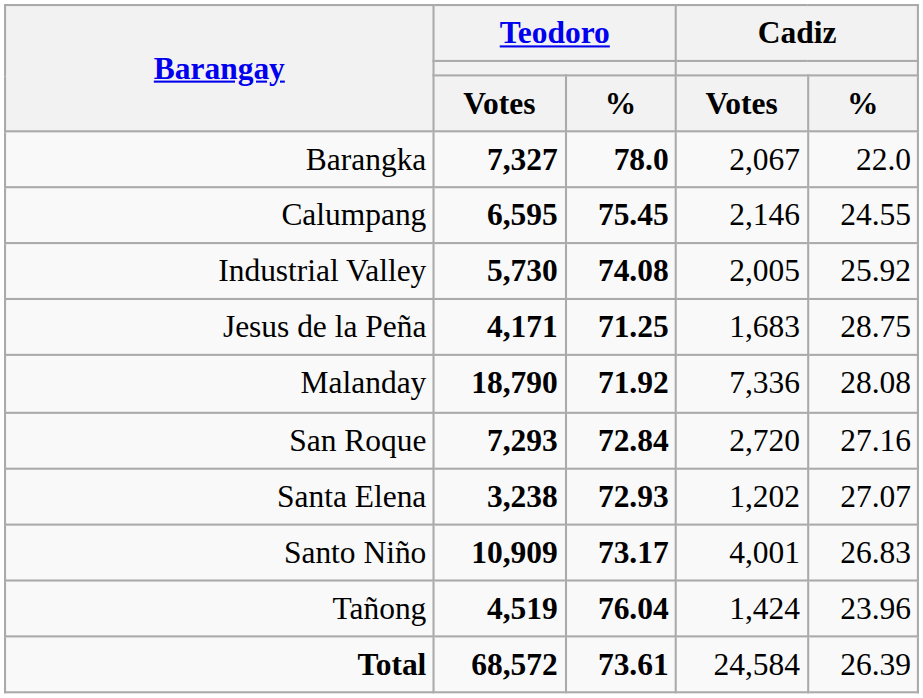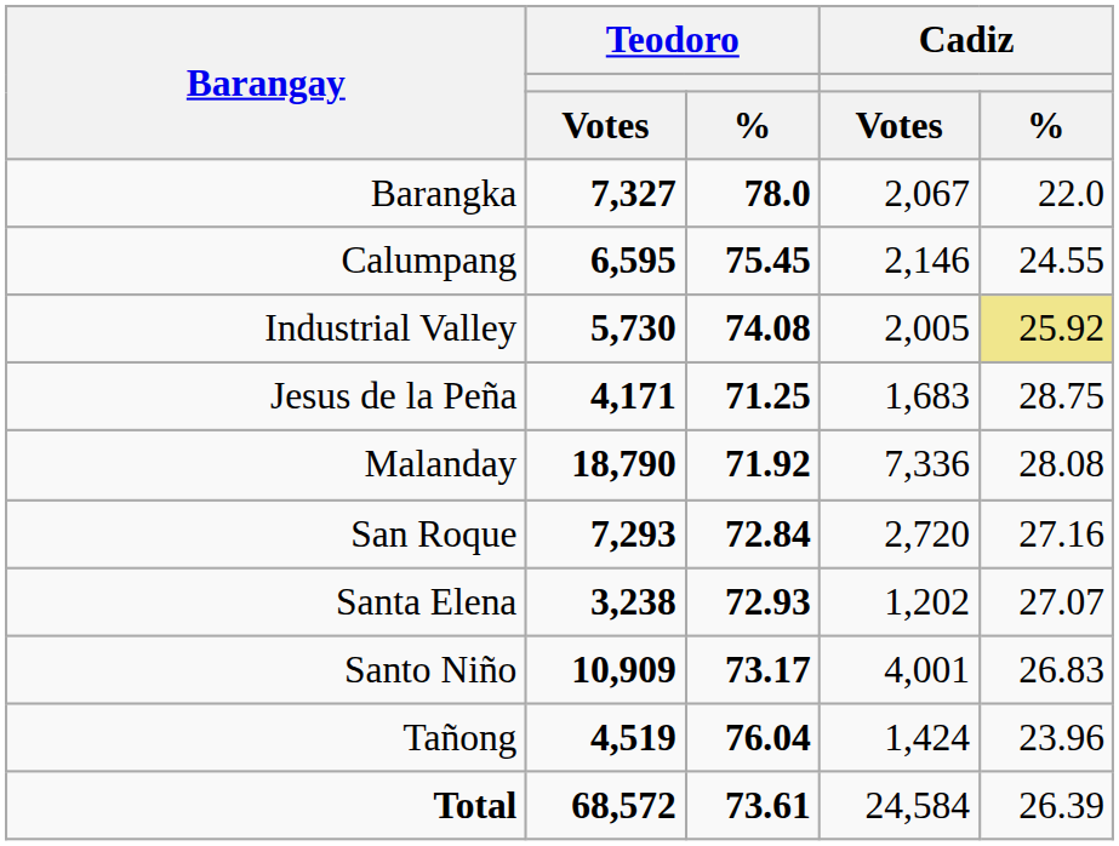 <table class="wikitable collapsible collapsed" style="text-align:right; font-size:95%; line-height:20px;">
 <tr>
 <th rowspan="3" width="200"><a href='#'>Barangay</a></th>
 <th colspan="2" width="110"><a href='#'>Teodoro</a></th>
 <th colspan="2" width="110">Cadiz</th>
 </tr>
 <tr>
 <th colspan="2" style="background:"></th>
 <th colspan="2" style="background:"></th>
 </tr>
 <tr>
 <th>Votes</th>
 <th>%</th>
 <th>Votes</th>
 <th>%</th>
 </tr>
 <tr>
 <td>Barangka</td>
 <td style="background-color:#"><strong>7,327</strong></td>
 <td style="background-color:#"><strong>78.0</strong></td>
 <td>2,067</td>
 <td>22.0</td>
 </tr>
 <tr>
 <td>Calumpang</td>
 <td style="background-color:#"><strong>6,595</strong></td>
 <td style="background-color:#"><strong>75.45</strong></td>
 <td>2,146</td>
 <td>24.55</td>
 </tr>
 <tr>
 <td>Industrial Valley</td>
 <td style="background-color:#"><strong>5,730</strong></td>
 <td style="background-color:#"><strong>74.08</strong></td>
 <td>2,005</td>
-<td>25.92</td>
+<td style="background: khaki;">25.92</td>
 </tr>
 <tr>
 <td>Jesus de la Peña</td>
 <td style="background-color:#"><strong>4,171</strong></td>
 <td style="background-color:#"><strong>71.25</strong></td>
 <td>1,683</td>
 <td>28.75</td>
 </tr>
 <tr>
 <td>Malanday</td>
 <td style="background-color:#"><strong>18,790</strong></td>
 <td style="background-color:#"><strong>71.92</strong></td>
 <td>7,336</td>
 <td>28.08</td>
 </tr>
 <tr>
 <td>San Roque</td>
 <td style="background-color:#"><strong>7,293</strong></td>
 <td style="background-color:#"><strong>72.84</strong></td>
 <td>2,720</td>
 <td>27.16</td>
 </tr>
 <tr>
 <td>Santa Elena</td>
 <td style="background-color:#"><strong>3,238</strong></td>
 <td style="background-color:#"><strong>72.93</strong></td>
 <td>1,202</td>
 <td>27.07</td>
 </tr>
 <tr>
 <td>Santo Niño</td>
 <td style="background-color:#"><strong>10,909</strong></td>
 <td style="background-color:#"><strong>73.17</strong></td>
 <td>4,001</td>
 <td>26.83</td>
 </tr>
 <tr>
 <td>Tañong</td>
 <td style="background-color:#"><strong>4,519</strong></td>
 <td style="background-color:#"><strong>76.04</strong></td>
 <td>1,424</td>
 <td>23.96</td>
 </tr>
 <tr>
 <td><strong>Total</strong></td>
 <td style="background:#"><strong>68,572</strong></td>
 <td style="background:#"><strong>73.61</strong></td>
 <td>24,584</td>
 <td>26.39</td>
 </tr>
 </table>
